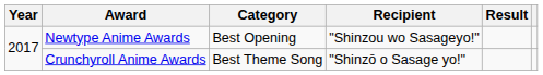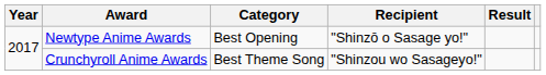 <table class="wikitable plainrowheaders sortable">
 <tr>
 <th scope="col" class="unsortable">Year</th>
 <th scope="col">Award</th>
 <th scope="col">Category</th>
 <th scope="col" class="unsortable">Recipient</th>
 <th scope="col">Result</th>
 <th scope="col" class="unsortable"></th>
 </tr>
 <tr>
 <td align="center" rowspan="2">2017</td>
 <td><a href='#'>Newtype Anime Awards</a></td>
 <td>Best Opening</td>
-<td>"Shinzou wo Sasageyo!" <br></td>
+<td>"Shinzō o Sasage yo!" <br></td>
 <td></td>
 <td align="center"></td>
 </tr>
 <tr>
 <td><a href='#'>Crunchyroll Anime Awards</a></td>
 <td>Best Theme Song</td>
-<td>"Shinzō o Sasage yo!" <br></td>
+<td>"Shinzou wo Sasageyo!" <br></td>
 <td></td>
 <td align="center"></td>
 </tr>
 </table>
